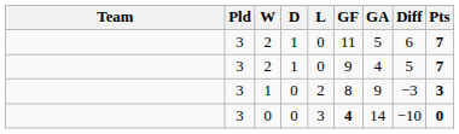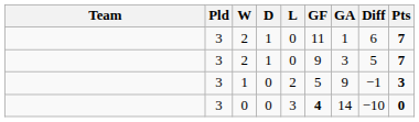 <table class="wikitable" style="text-align: center;">
 <tr>
 <th width=220>Team</th>
 <th width=20>Pld</th>
 <th width=20>W</th>
 <th width=20>D</th>
 <th width=20>L</th>
 <th width=20>GF</th>
 <th width=20>GA</th>
 <th width=20>Diff</th>
 <th width=20>Pts</th>
 </tr>
 <tr>
 <td align="left"></td>
 <td>3</td>
 <td>2</td>
 <td>1</td>
 <td>0</td>
 <td>11</td>
-<td>5</td>
+<td>1</td>
 <td>6</td>
 <td><strong>7</strong></td>
 </tr>
 <tr>
 <td align="left"></td>
 <td>3</td>
 <td>2</td>
 <td>1</td>
 <td>0</td>
 <td>9</td>
-<td>4</td>
+<td>3</td>
 <td>5</td>
 <td><strong>7</strong></td>
 </tr>
 <tr>
 <td align="left"></td>
 <td>3</td>
 <td>1</td>
 <td>0</td>
 <td>2</td>
-<td>8</td>
+<td>5</td>
 <td>9</td>
-<td>−3</td>
+<td>−1</td>
 <td><strong>3</strong></td>
 </tr>
 <tr>
 <td align="left"></td>
 <td>3</td>
 <td>0</td>
 <td>0</td>
 <td>3</td>
 <td><strong>4</strong></td>
 <td>14</td>
 <td>−10</td>
 <td><strong>0</strong></td>
 </tr>
 </table>
